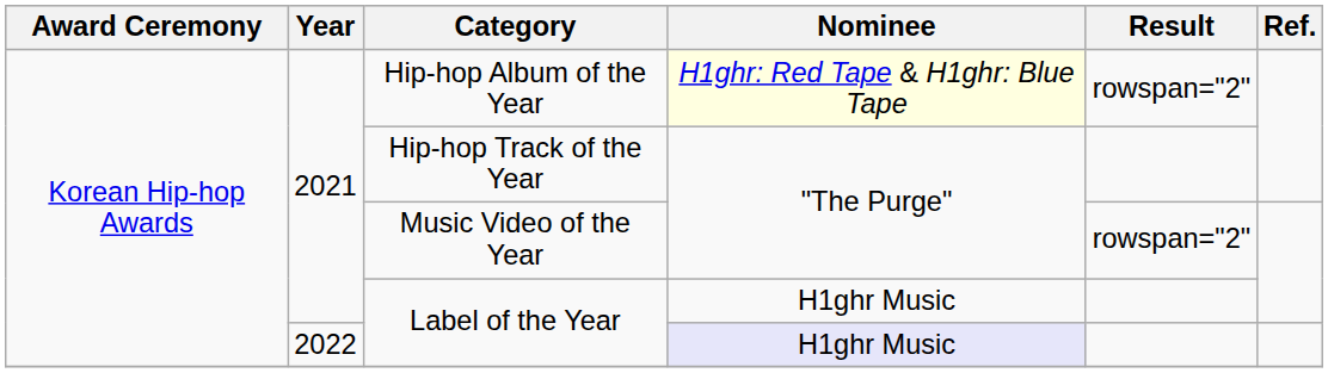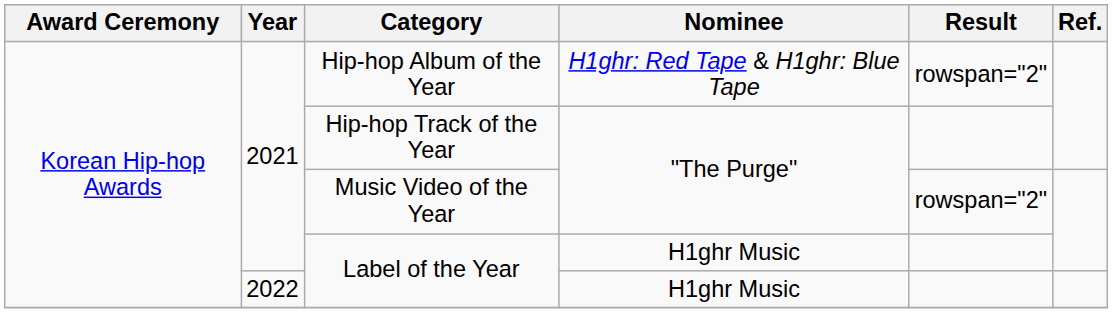 <table class="wikitable sortable plainrowheaders" style="text-align:center; width:85%;">
 <tr style="background:#ccc; text-align:center;">
 <th scope="col">Award Ceremony</th>
 <th scope="col">Year</th>
 <th scope="col">Category</th>
 <th scope="col">Nominee</th>
 <th scope="col">Result</th>
 <th>Ref.</th>
 </tr>
 <tr>
 <td rowspan="5"><a href='#'>Korean Hip-hop Awards</a></td>
 <td rowspan="4">2021</td>
 <td>Hip-hop Album of the Year</td>
-<td style="background: lightyellow;"><em><a href='#'>H1ghr: Red Tape</a></em> & <em>H1ghr: Blue Tape</em></td>
+<td><em><a href='#'>H1ghr: Red Tape</a></em> & <em>H1ghr: Blue Tape</em></td>
 <td>rowspan="2" </td>
 <td rowspan="2"></td>
 </tr>
 <tr>
 <td>Hip-hop Track of the Year</td>
 <td rowspan="2">"The Purge"</td>
 </tr>
 <tr>
 <td>Music Video of the Year</td>
 <td>rowspan="2" </td>
 <td rowspan="2"></td>
 </tr>
 <tr>
 <td rowspan="2">Label of the Year</td>
 <td>H1ghr Music</td>
 </tr>
 <tr>
 <td>2022</td>
-<td style="background: lavender;">H1ghr Music</td>
+<td>H1ghr Music</td>
 <td></td>
 <td></td>
 </tr>
 <tr>
 </tr>
 </table>
